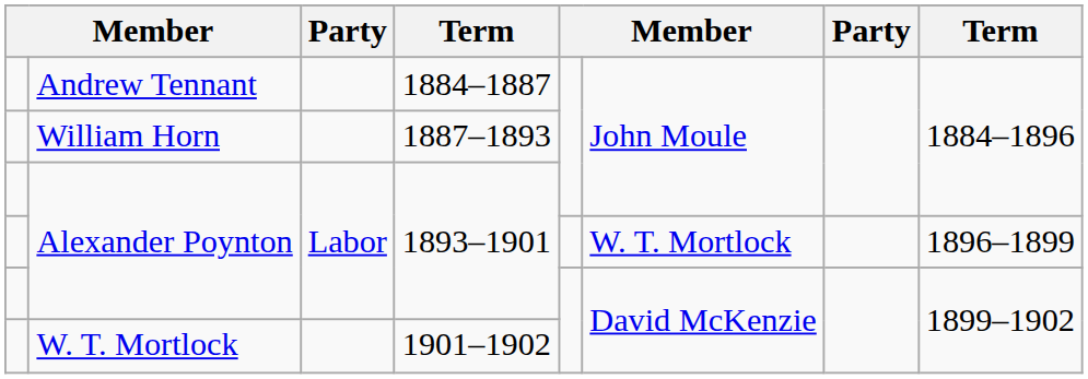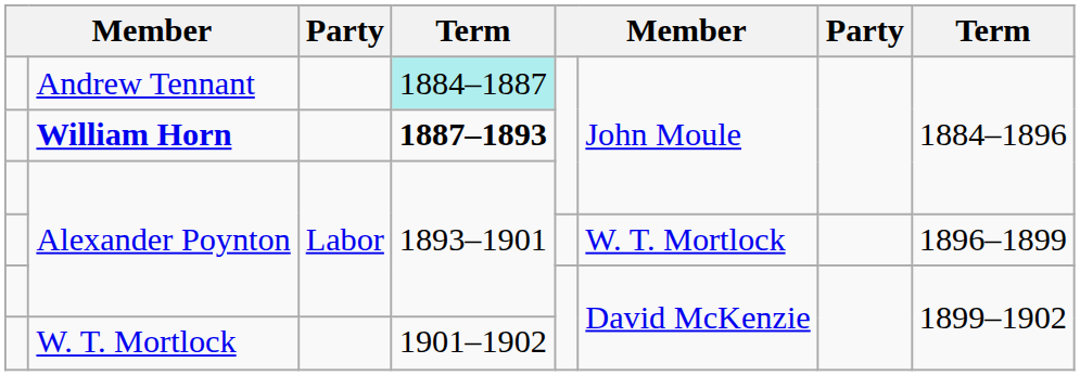 <table class="wikitable">
 <tr>
 <th colspan="2">Member</th>
 <th>Party</th>
 <th>Term</th>
 <th colspan="2">Member</th>
 <th>Party</th>
 <th>Term</th>
 </tr>
 <tr>
 <td> </td>
 <td><a href='#'>Andrew Tennant</a></td>
 <td></td>
-<td>1884–1887</td>
+<td style="background: paleturquoise;">1884–1887</td>
 <td rowspan="3" > </td>
 <td rowspan="3"><a href='#'>John Moule</a></td>
 <td rowspan="3"></td>
 <td rowspan="3">1884–1896</td>
 </tr>
 <tr>
 <td> </td>
-<td><a href='#'>William Horn</a></td>
+<td><strong><a href='#'>William Horn</a></strong></td>
 <td></td>
-<td>1887–1893</td>
+<td><strong>1887–1893</strong></td>
 </tr>
 <tr>
 <td> </td>
 <td rowspan="3"><a href='#'>Alexander Poynton</a></td>
 <td rowspan="3"><a href='#'>Labor</a></td>
 <td rowspan="3">1893–1901</td>
 </tr>
 <tr>
 <td> </td>
 <td> </td>
 <td><a href='#'>W. T. Mortlock</a></td>
 <td></td>
 <td>1896–1899</td>
 </tr>
 <tr>
 <td> </td>
 <td rowspan="2" > </td>
 <td rowspan="2"><a href='#'>David McKenzie</a></td>
 <td rowspan="2"></td>
 <td rowspan="2">1899–1902</td>
 </tr>
 <tr>
 <td> </td>
 <td><a href='#'>W. T. Mortlock</a></td>
 <td></td>
 <td>1901–1902</td>
 </tr>
 </table>
